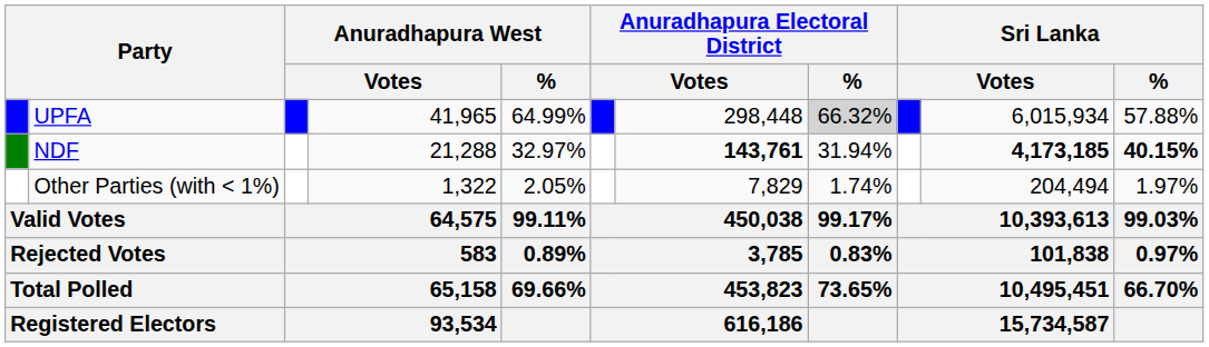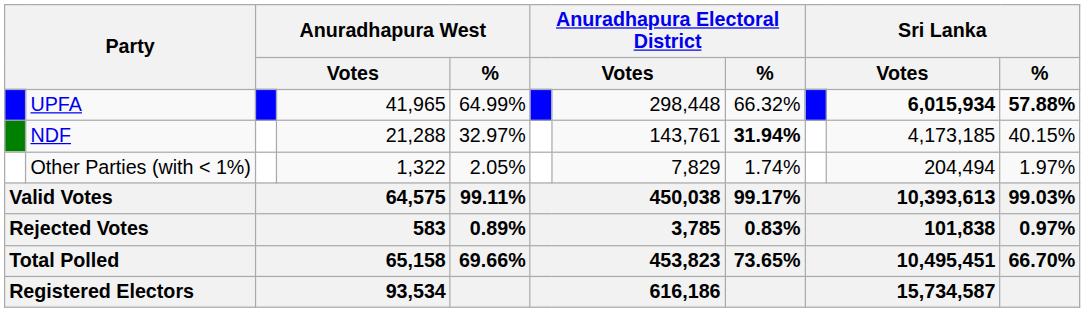 <table class="wikitable">
 <tr>
 <th colspan="2" width="144px"rowspan="2">Party</th>
 <th colspan="3" width="216px">Anuradhapura West</th>
 <th colspan="3" width="216px"><a href='#'>Anuradhapura Electoral District</a></th>
 <th colspan="3" width="216px">Sri Lanka</th>
 </tr>
 <tr>
 <th colspan="2" width="144px">Votes</th>
 <th>%</th>
 <th colspan="2" width="144px">Votes</th>
 <th>%</th>
 <th colspan="2" width="144px">Votes</th>
 <th>%</th>
 </tr>
 <tr>
 <td style="background-color:blue;" width="10px"></td>
 <td style="text-align:left;"><a href='#'>UPFA</a></td>
 <td style="background-color:blue;" width="10px"></td>
 <td style="text-align:right;">41,965</td>
 <td style="text-align:right;">64.99%</td>
 <td style="background-color:blue;" width="10px"></td>
 <td style="text-align:right;">298,448</td>
-<td style="background: lightgrey; text-align:right;">66.32%</td>
+<td style="text-align:right;">66.32%</td>
 <td style="background-color:blue;" width="10px"></td>
-<td style="text-align:right;">6,015,934</td>
-<td style="text-align:right;">57.88%</td>
+<td style="text-align:right;"><strong>6,015,934</strong></td>
+<td style="text-align:right;"><strong>57.88%</strong></td>
 </tr>
 <tr>
 <td style="background-color:green;" width="10px"></td>
 <td style="text-align:left;"><a href='#'>NDF</a></td>
 <td style="background-color:white;" width="10px"></td>
 <td style="text-align:right;">21,288</td>
 <td style="text-align:right;">32.97%</td>
 <td style="background-color:white;" width="10px"></td>
-<td style="text-align:right;"><strong>143,761</strong></td>
-<td style="text-align:right;">31.94%</td>
+<td style="text-align:right;">143,761</td>
+<td style="text-align:right;"><strong>31.94%</strong></td>
 <td style="background-color:white;" width="10px"></td>
-<td style="text-align:right;"><strong>4,173,185</strong></td>
-<td style="text-align:right;"><strong>40.15%</strong></td>
+<td style="text-align:right;">4,173,185</td>
+<td style="text-align:right;">40.15%</td>
 </tr>
 <tr>
 <td style="background-color:white;" width="10px"></td>
 <td style="text-align:left;">Other Parties (with < 1%)</td>
 <td style="background-color:white;" width="10px"></td>
 <td style="text-align:right;">1,322</td>
 <td style="text-align:right;">2.05%</td>
 <td style="background-color:white;" width="10px"></td>
 <td style="text-align:right;">7,829</td>
 <td style="text-align:right;">1.74%</td>
 <td style="background-color:white;" width="10px"></td>
 <td style="text-align:right;">204,494</td>
 <td style="text-align:right;">1.97%</td>
 </tr>
 <tr>
 <th colspan="2" width="144px"style="text-align:left;">Valid Votes</th>
 <th style="text-align:right;"colspan="2" width="144px">64,575</th>
 <th style="text-align:right;">99.11%</th>
 <th style="text-align:right;"colspan="2" width="144px">450,038</th>
 <th style="text-align:right;">99.17%</th>
 <th style="text-align:right;"colspan="2" width="144px">10,393,613</th>
 <th style="text-align:right;">99.03%</th>
 </tr>
 <tr>
 <th colspan="2" width="144px"style="text-align:left;">Rejected Votes</th>
 <th style="text-align:right;"colspan="2" width="144px">583</th>
 <th style="text-align:right;">0.89%</th>
 <th style="text-align:right;"colspan="2" width="144px">3,785</th>
 <th style="text-align:right;">0.83%</th>
 <th style="text-align:right;"colspan="2" width="144px">101,838</th>
 <th style="text-align:right;">0.97%</th>
 </tr>
 <tr>
 <th colspan="2" width="144px"style="text-align:left;">Total Polled</th>
 <th style="text-align:right;"colspan="2" width="144px">65,158</th>
 <th style="text-align:right;">69.66%</th>
 <th style="text-align:right;"colspan="2" width="144px">453,823</th>
 <th style="text-align:right;">73.65%</th>
 <th style="text-align:right;"colspan="2" width="144px">10,495,451</th>
 <th style="text-align:right;">66.70%</th>
 </tr>
 <tr>
 <th colspan="2" width="144px"style="text-align:left;">Registered Electors</th>
 <th style="text-align:right;"colspan="2" width="144px">93,534</th>
 <th></th>
 <th style="text-align:right;"colspan="2" width="144px">616,186</th>
 <th></th>
 <th style="text-align:right;"colspan="2" width="144px">15,734,587</th>
 <th></th>
 </tr>
 </table>
